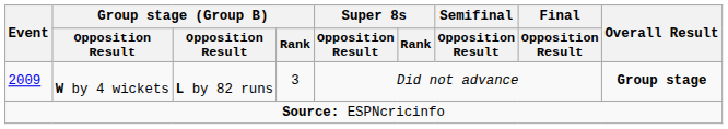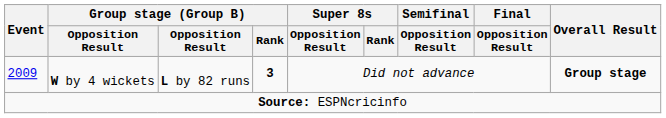 <table class=wikitable style=font-size:90%;text-align:center>
 <tr>
 <th rowspan=2>Event</th>
 <th colspan=3>Group stage (Group B)</th>
 <th colspan=2>Super 8s</th>
 <th>Semifinal</th>
 <th>Final</th>
 <th rowspan=2>Overall Result</th>
 </tr>
 <tr style=font-size:95%>
 <th>Opposition<br>Result</th>
 <th>Opposition<br>Result</th>
 <th>Rank</th>
 <th>Opposition<br>Result</th>
 <th>Rank</th>
 <th>Opposition<br>Result</th>
 <th>Opposition<br>Result</th>
 </tr>
 <tr>
 <td align=left><a href='#'>2009</a></td>
 <td><br><strong>W</strong> by 4 wickets</td>
 <td><br><strong>L</strong> by 82 runs</td>
-<td>3</td>
+<td><strong>3</strong></td>
 <td colspan="4"><em>Did not advance</td>
 <td><strong>Group stage</strong></td>
 </tr>
 <tr>
 <td colspan="11"><strong>Source:</strong> ESPNcricinfo</td>
 </tr>
 </table>
